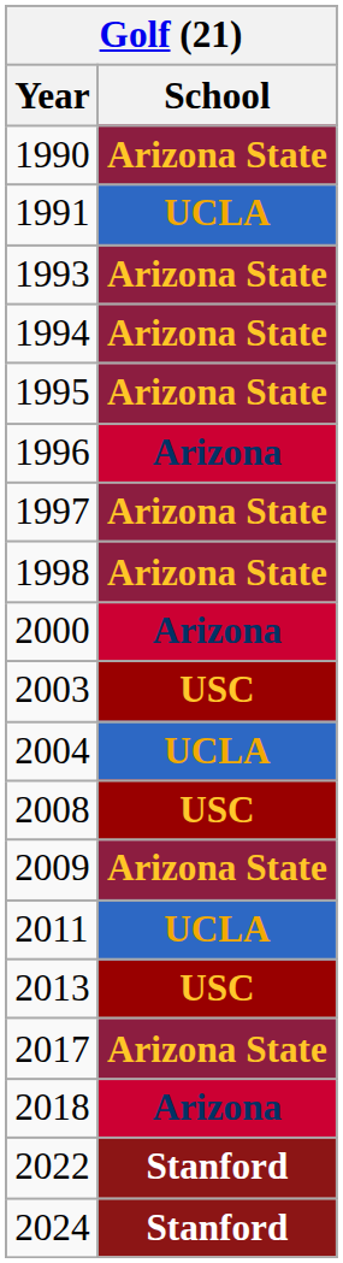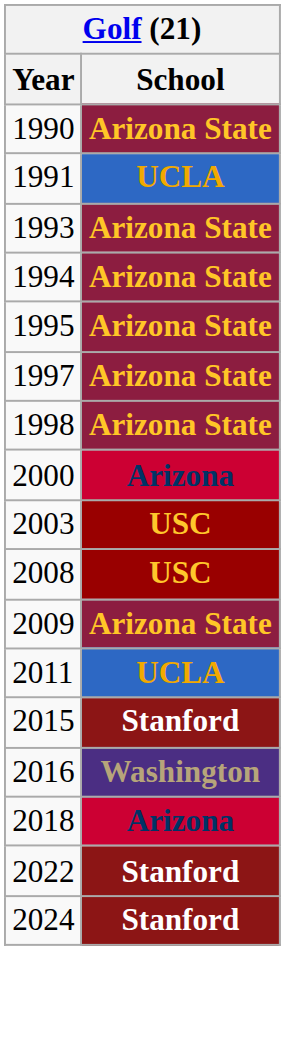 <table class="wikitable">
 <tr>
 <th colspan=2><a href='#'>Golf</a> (21)</th>
 </tr>
 <tr>
 <th>Year</th>
 <th>School</th>
 </tr>
 <tr>
 <td>1990</td>
 <th style="background:#8C1D40; color:#FFC627;">Arizona State</th>
 </tr>
 <tr>
 <td>1991</td>
 <th style="background:#2D68C4; color:#F2A900;">UCLA</th>
 </tr>
 <tr>
 <td>1993</td>
 <th style="background:#8C1D40; color:#FFC627;">Arizona State</th>
 </tr>
 <tr>
 <td>1994</td>
 <th style="background:#8C1D40; color:#FFC627;">Arizona State</th>
 </tr>
 <tr>
 <td>1995</td>
 <th style="background:#8C1D40; color:#FFC627;">Arizona State</th>
 </tr>
 <tr>
-<td>1996</td>
-<th style="background:#CC0033; color:#003366;">Arizona</th>
-</tr>
-<tr>
 <td>1997</td>
 <th style="background:#8C1D40; color:#FFC627;">Arizona State</th>
 </tr>
 <tr>
 <td>1998</td>
 <th style="background:#8C1D40; color:#FFC627;">Arizona State</th>
 </tr>
 <tr>
 <td>2000</td>
 <th style="background:#CC0033; color:#003366;">Arizona</th>
 </tr>
 <tr>
 <td>2003</td>
 <th style="background:#990000; color:#FFC72C;">USC</th>
 </tr>
 <tr>
-<td>2004</td>
-<th style="background:#2D68C4; color:#F2A900;">UCLA</th>
-</tr>
-<tr>
 <td>2008</td>
 <th style="background:#990000; color:#FFC72C;">USC</th>
 </tr>
 <tr>
 <td>2009</td>
 <th style="background:#8C1D40; color:#FFC627;">Arizona State</th>
 </tr>
 <tr>
 <td>2011</td>
 <th style="background:#2D68C4; color:#F2A900;">UCLA</th>
 </tr>
 <tr>
-<td>2013</td>
-<th style="background:#990000; color:#FFC72C;">USC</th>
+<td>2015</td>
+<th style="background:#8C1515; color:#FFFFFF;">Stanford</th>
 </tr>
 <tr>
-<td>2017</td>
-<th style="background:#8C1D40; color:#FFC627;">Arizona State</th>
+<td>2016</td>
+<th style="background:#4B2E83; color:#B7A57A;">Washington</th>
 </tr>
 <tr>
 <td>2018</td>
 <th style="background:#CC0033; color:#003366;">Arizona</th>
 </tr>
 <tr>
 <td>2022</td>
 <th style="background:#8C1515; color:#FFFFFF;">Stanford</th>
 </tr>
 <tr>
 <td>2024</td>
 <th style="background:#8C1515; color:#FFFFFF;">Stanford</th>
 </tr>
 </table>
